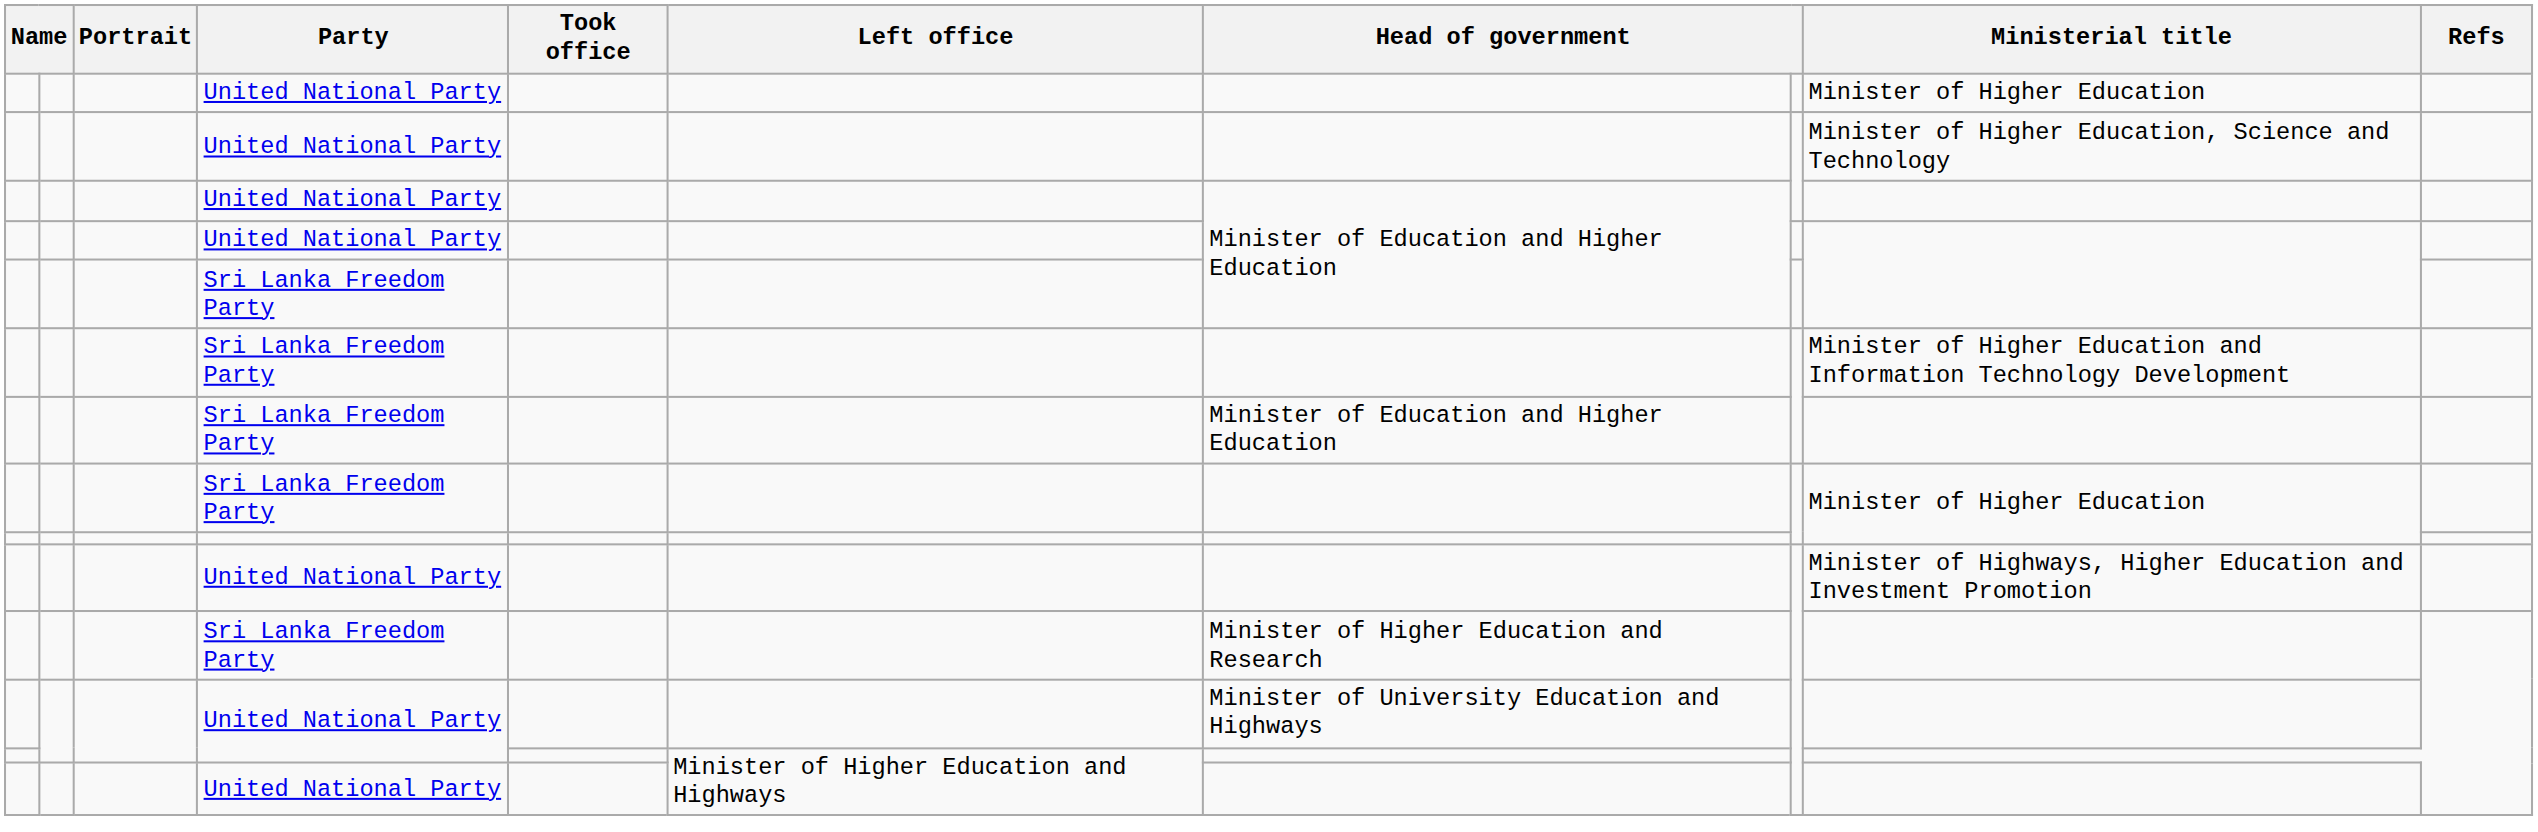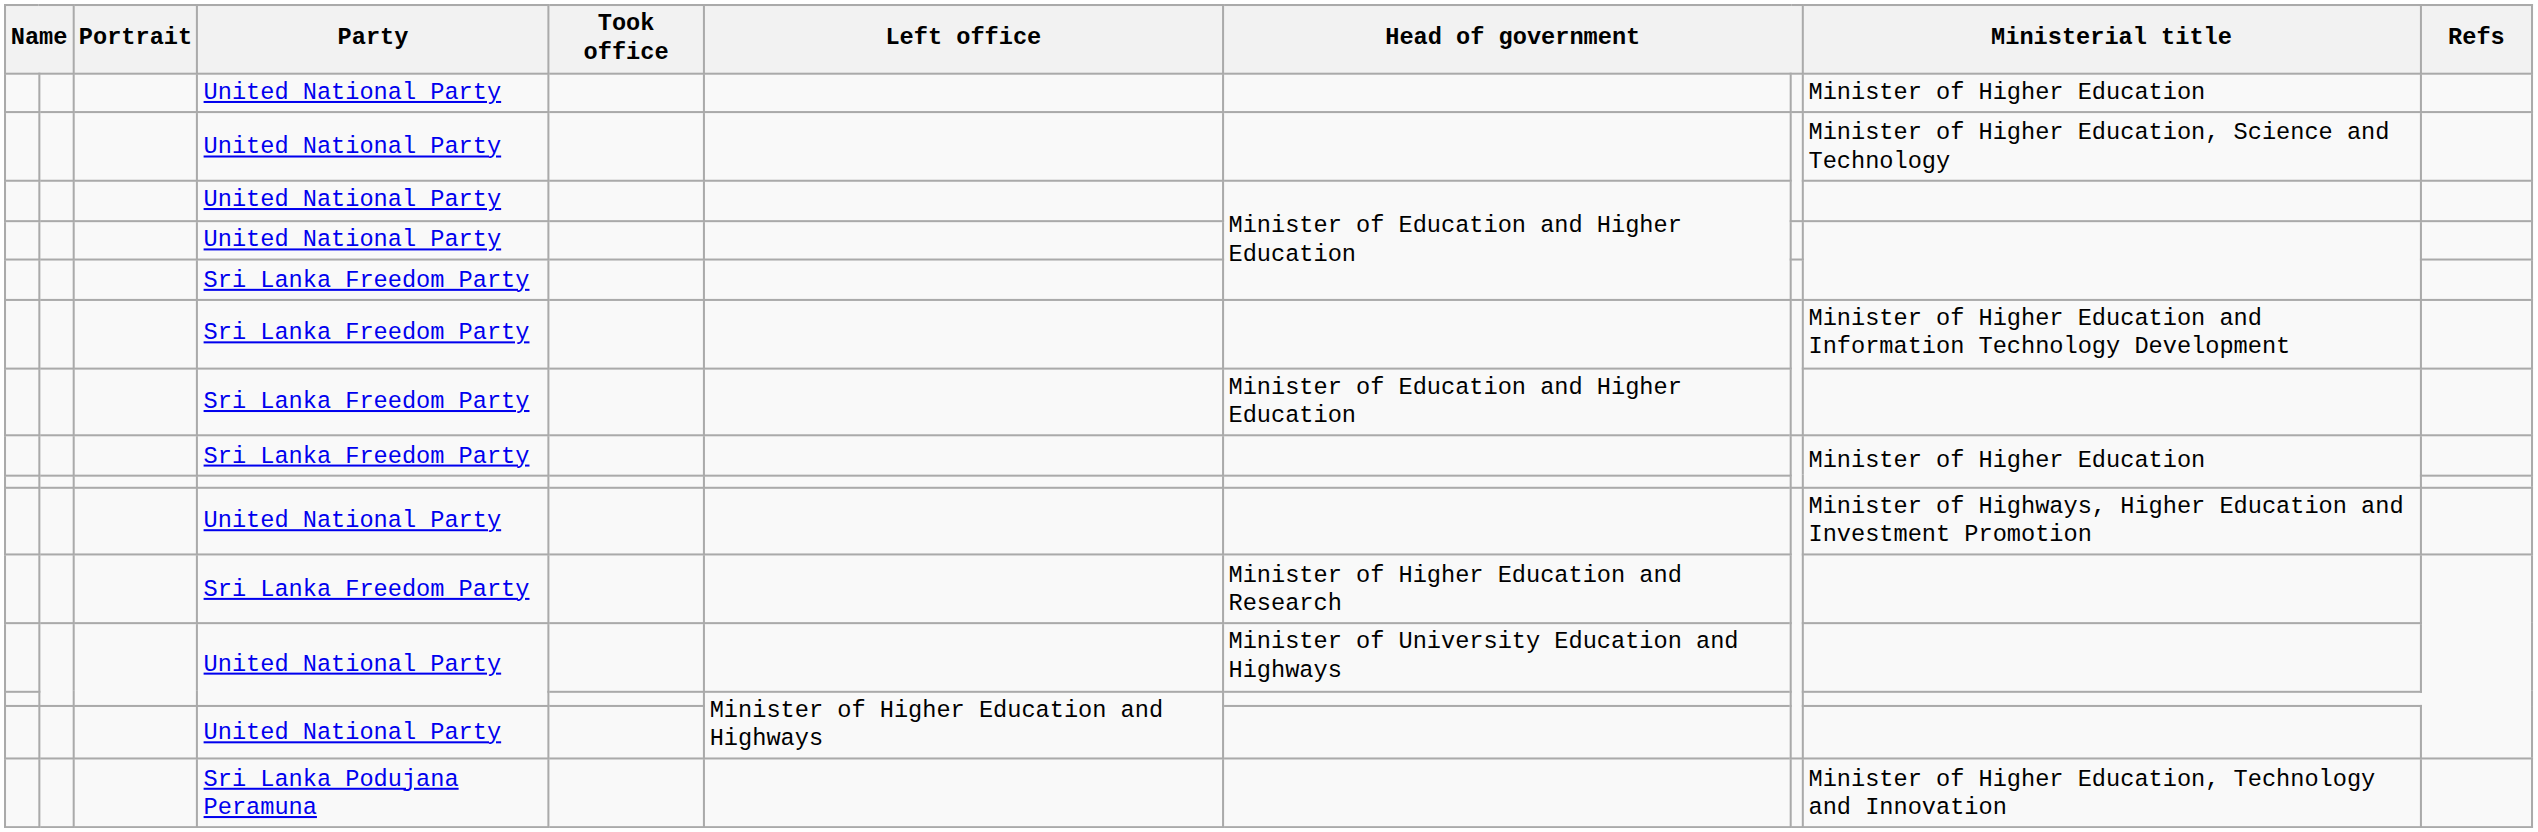 <table class="wikitable plainrowheaders sortable" style="font-size:90%; text-align:left;">
 <tr>
 <th scope=col colspan="2">Name</th>
 <th scope=col class=unsortable>Portrait</th>
 <th scope=col>Party</th>
 <th scope=col>Took office</th>
 <th scope=col>Left office</th>
 <th scope=col colspan="2">Head of government</th>
 <th scope=col width=300px>Ministerial title</th>
 <th scope=col width=50px class=unsortable>Refs</th>
 </tr>
 <tr>
 <td !align="center" style="background:"></td>
 <td></td>
 <td align=center></td>
 <td><a href='#'>United National Party</a></td>
 <td align=center></td>
 <td></td>
 <td !align="center" style="background:"></td>
 <td></td>
 <td>Minister of Higher Education</td>
 <td align=center></td>
 </tr>
 <tr>
 <td !align="center" style="background:"></td>
 <td></td>
 <td></td>
 <td><a href='#'>United National Party</a></td>
 <td align=center></td>
 <td align=center></td>
 <td !align="center" style="background:"></td>
 <td rowspan=2></td>
 <td>Minister of Higher Education, Science and Technology</td>
 <td align=center></td>
 </tr>
 <tr>
 <td !align="center" style="background:"></td>
 <td></td>
 <td></td>
 <td><a href='#'>United National Party</a></td>
 <td align=center></td>
 <td></td>
 <td rowspan=3>Minister of Education and Higher Education</td>
 <td align=center></td>
 </tr>
 <tr>
 <td !align="center" style="background:"></td>
 <td></td>
 <td align=center></td>
 <td><a href='#'>United National Party</a></td>
 <td align=center></td>
 <td></td>
 <td !align="center" style="background:"></td>
 <td rowspan=2></td>
 <td align=center></td>
 </tr>
 <tr>
 <td !align="center" style="background:"></td>
 <td></td>
 <td></td>
 <td><a href='#'>Sri Lanka Freedom Party</a></td>
 <td align=center></td>
 <td></td>
 <td align=center></td>
 </tr>
 <tr>
 <td !align="center" style="background:"></td>
 <td></td>
 <td></td>
 <td><a href='#'>Sri Lanka Freedom Party</a></td>
 <td align=center></td>
 <td></td>
 <td !align="center" style="background:"></td>
 <td rowspan=2></td>
 <td>Minister of Higher Education and Information Technology Development</td>
 <td align=center></td>
 </tr>
 <tr>
 <td !align="center" style="background:"></td>
 <td></td>
 <td align=center></td>
 <td><a href='#'>Sri Lanka Freedom Party</a></td>
 <td align=center></td>
 <td></td>
 <td>Minister of Education and Higher Education</td>
 <td align=center></td>
 </tr>
 <tr>
 <td !align="center" style="background:"></td>
 <td></td>
 <td></td>
 <td><a href='#'>Sri Lanka Freedom Party</a></td>
 <td align=center></td>
 <td></td>
 <td !align="center" style="background:"></td>
 <td rowspan=2></td>
 <td rowspan=2>Minister of Higher Education</td>
 <td align=center></td>
 </tr>
 <tr>
 <td></td>
 <td></td>
 <td align=center></td>
 <td></td>
 <td align=center></td>
 <td></td>
 <td align=center></td>
 </tr>
 <tr>
 <td !align="center" style="background:"></td>
 <td></td>
 <td></td>
 <td><a href='#'>United National Party</a></td>
 <td align=center></td>
 <td align=center></td>
 <td !align="center" style="background:"></td>
 <td rowspan=5></td>
 <td>Minister of Highways, Higher Education and Investment Promotion</td>
 <td align=center></td>
 </tr>
 <tr>
 <td !align="center" style="background:"></td>
 <td></td>
 <td align=center></td>
 <td><a href='#'>Sri Lanka Freedom Party</a></td>
 <td align=center></td>
 <td align=center></td>
 <td>Minister of Higher Education and Research</td>
 <td align=center></td>
 </tr>
 <tr>
 <td !align="center" style="background:"></td>
 <td rowspan=2></td>
 <td align=center rowspan=2></td>
 <td rowspan=2><a href='#'>United National Party</a></td>
 <td align=center></td>
 <td align=center></td>
 <td>Minister of University Education and Highways</td>
 <td align=center></td>
 </tr>
 <tr>
 <td align=center></td>
 <td align=center></td>
 <td rowspan=2>Minister of Higher Education and Highways</td>
 <td align=center></td>
 </tr>
 <tr>
 <td !align="center" style="background:"></td>
 <td></td>
 <td></td>
 <td><a href='#'>United National Party</a></td>
 <td align=center></td>
 <td align=center></td>
 <td align=center></td>
 </tr>
+<tr>
+<td !align="center" style="background:"></td>
+<td></td>
+<td></td>
+<td><a href='#'>Sri Lanka Podujana Peramuna</a></td>
+<td align=center></td>
+<td align=center></td>
+<td !align="center" style="background:"></td>
+<td></td>
+<td>Minister of Higher Education, Technology and Innovation</td>
+<td align=center></td>
+</tr>
 </table>
